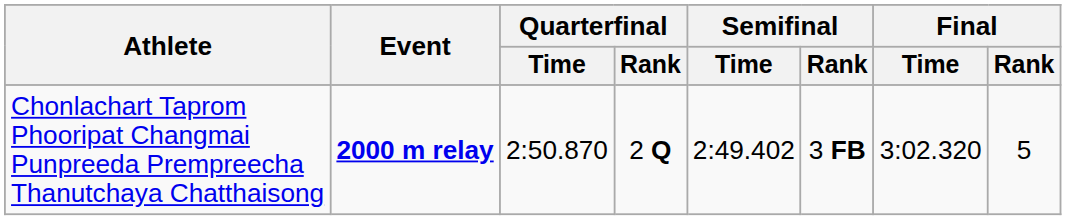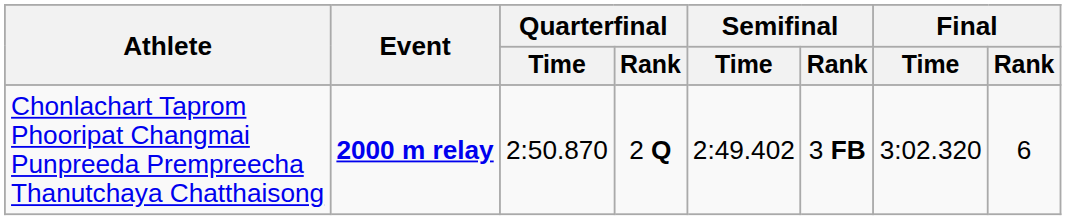 <table class=wikitable style=font-size:90%>
 <tr>
 <th rowspan=2>Athlete</th>
 <th rowspan=2>Event</th>
 <th colspan=2>Quarterfinal</th>
 <th colspan=2>Semifinal</th>
 <th colspan=2>Final</th>
 </tr>
 <tr style=font-size:95%>
 <th>Time</th>
 <th>Rank</th>
 <th>Time</th>
 <th>Rank</th>
 <th>Time</th>
 <th>Rank</th>
 </tr>
 <tr align=center>
 <td align=left><a href='#'>Chonlachart Taprom</a><br><a href='#'>Phooripat Changmai</a><br><a href='#'>Punpreeda Prempreecha</a><br><a href='#'>Thanutchaya Chatthaisong</a></td>
 <td align=left><strong><a href='#'>2000 m relay</a></strong></td>
 <td>2:50.870</td>
 <td>2 <strong>Q</strong></td>
 <td>2:49.402</td>
 <td>3 <strong>FB</strong></td>
 <td>3:02.320</td>
-<td>5</td>
+<td>6</td>
 </tr>
 </table>
